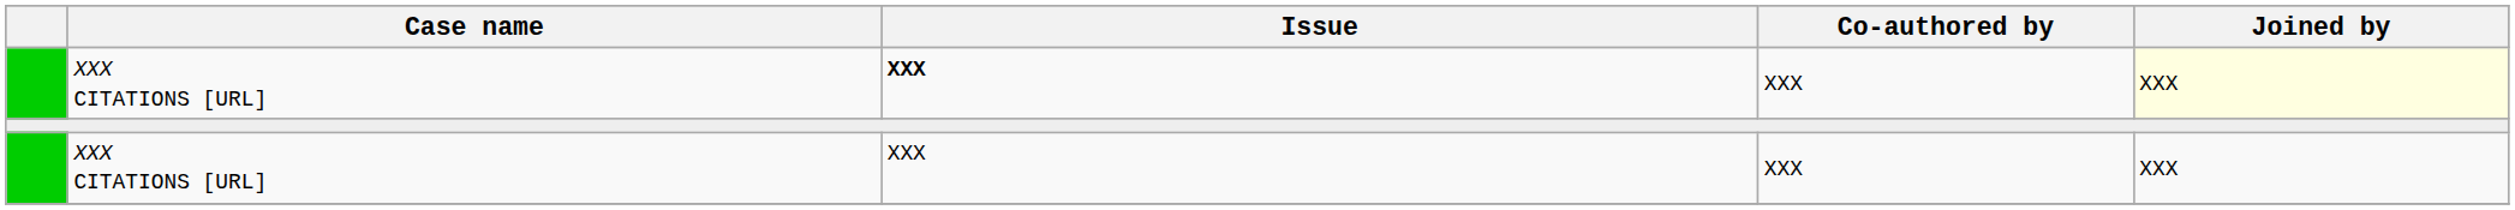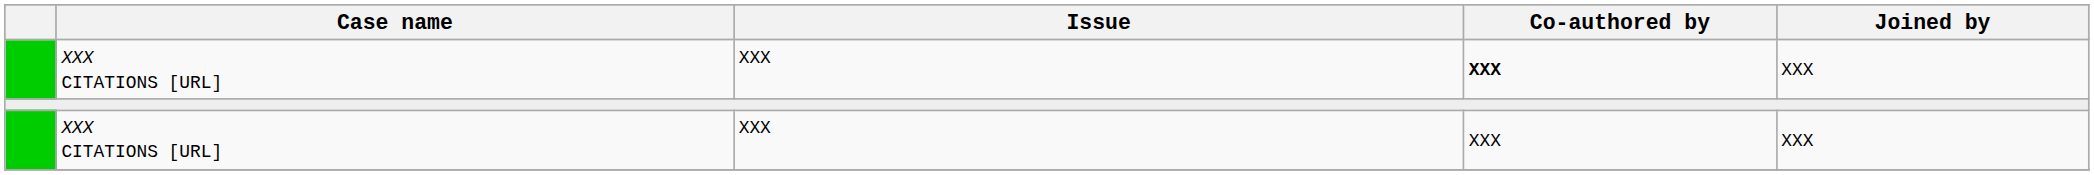 <table class="wikitable" width=100%>
 <tr bgcolor="#CCCCCC">
 <th width=25px></th>
 <th width=32.5%>Case name</th>
 <th>Issue</th>
 <th width=15%>Co-authored by</th>
 <th width=15%>Joined by</th>
 </tr>
 <tr>
 <td bgcolor="00cd00"></td>
 <td align=left valign=top><small><em>XXX</em><br> CITATIONS [URL]</small></td>
-<td valign=top><strong><small> XXX</small></strong></td>
-<td><small> XXX</small></td>
-<td style="background: lightyellow;"><small>  XXX</small></td>
+<td valign=top><small> XXX</small></td>
+<td><strong><small> XXX</small></strong></td>
+<td><small>  XXX</small></td>
 </tr>
 <tr>
 <td bgcolor=#EEEEEE colspan=5 valign=top><small></small></td>
 </tr>
 <tr>
 <td bgcolor="00cd00"></td>
 <td align=left valign=top><small><em>XXX</em><br> CITATIONS [URL]</small></td>
 <td valign=top><small>XXX</small></td>
 <td><small> XXX</small></td>
 <td><small> XXX</small></td>
 </tr>
 <tr>
 </tr>
 </table>
